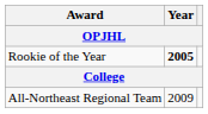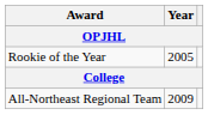 <table class="wikitable">
 <tr>
 <th>Award</th>
 <th>Year</th>
 <th></th>
 </tr>
 <tr ALIGN="center" bgcolor="#e0e0e0">
 <th colspan="3"><a href='#'>OPJHL</a></th>
 </tr>
 <tr>
 <td>Rookie of the Year</td>
-<td><strong>2005</strong></td>
+<td>2005</td>
 <td></td>
 </tr>
 <tr ALIGN="center" bgcolor="#e0e0e0">
 <th colspan="3"><a href='#'>College</a></th>
 </tr>
 <tr>
 <td>All-Northeast Regional Team</td>
 <td>2009</td>
 <td></td>
 </tr>
 </table>
